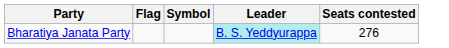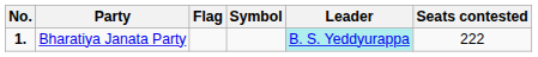 <table class="wikitable">
 <tr>
+<th>No.</th>
 <th>Party</th>
 <th>Flag</th>
 <th>Symbol</th>
 <th>Leader</th>
 <th>Seats contested</th>
 </tr>
 <tr>
+<td ! style="text-align:center; background:"><strong>1.</strong></td>
 <td style="text-align:center"><a href='#'>Bharatiya Janata Party</a></td>
 <td></td>
 <td></td>
 <td style="background: paleturquoise; text-align:center"><a href='#'>B. S. Yeddyurappa</a></td>
-<td style="text-align:center">276</td>
+<td style="text-align:center">222</td>
 </tr>
 </table>
